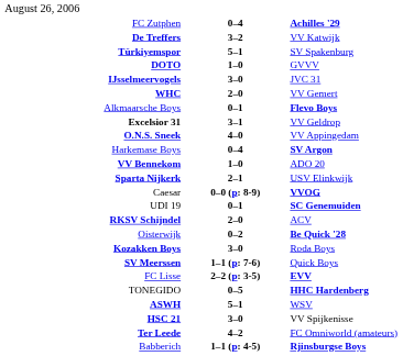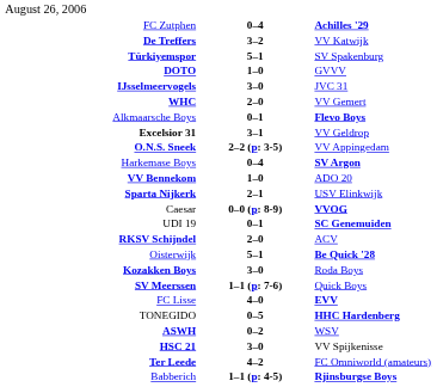 <table width=100% cellspacing=1>
 <tr>
 <th width=20%></th>
 <th width=12%></th>
 <th width=20%></th>
 <th></th>
 </tr>
 <tr>
 <td>August 26, 2006</td>
 </tr>
 <tr style=font-size:90%>
 <td align=right><a href='#'>FC Zutphen</a></td>
 <td align=center><strong>0–4</strong></td>
 <td><strong><a href='#'>Achilles '29</a></strong></td>
 </tr>
 <tr style=font-size:90%>
 <td align=right><strong><a href='#'>De Treffers</a></strong></td>
 <td align=center><strong>3–2</strong></td>
 <td><a href='#'>VV Katwijk</a></td>
 </tr>
 <tr style=font-size:90%>
 <td align=right><strong><a href='#'>Türkiyemspor</a></strong></td>
 <td align=center><strong>5–1</strong></td>
 <td><a href='#'>SV Spakenburg</a></td>
 </tr>
 <tr style=font-size:90%>
 <td align=right><strong><a href='#'>DOTO</a></strong></td>
 <td align=center><strong>1–0</strong></td>
 <td><a href='#'>GVVV</a></td>
 </tr>
 <tr style=font-size:90%>
 <td align=right><strong><a href='#'>IJsselmeervogels</a></strong></td>
 <td align=center><strong>3–0</strong></td>
 <td><a href='#'>JVC 31</a></td>
 </tr>
 <tr style=font-size:90%>
 <td align=right><strong><a href='#'>WHC</a></strong></td>
 <td align=center><strong>2–0</strong></td>
 <td><a href='#'>VV Gemert</a></td>
 </tr>
 <tr style=font-size:90%>
 <td align=right><a href='#'>Alkmaarsche Boys</a></td>
 <td align=center><strong>0–1</strong></td>
 <td><strong><a href='#'>Flevo Boys</a></strong></td>
 </tr>
 <tr style=font-size:90%>
 <td align=right><strong>Excelsior 31</strong></td>
 <td align=center><strong>3–1</strong></td>
 <td><a href='#'>VV Geldrop</a></td>
 </tr>
 <tr style=font-size:90%>
 <td align=right><strong><a href='#'>O.N.S. Sneek</a></strong></td>
-<td align=center><strong>4–0</strong></td>
+<td align=center><strong>2–2 (<a href='#'>p</a>: 3-5)</strong></td>
 <td><a href='#'>VV Appingedam</a></td>
 </tr>
 <tr style=font-size:90%>
 <td align=right><a href='#'>Harkemase Boys</a></td>
 <td align=center><strong>0–4</strong></td>
 <td><strong><a href='#'>SV Argon</a></strong></td>
 </tr>
 <tr style=font-size:90%>
 <td align=right><strong><a href='#'>VV Bennekom</a></strong></td>
 <td align=center><strong>1–0</strong></td>
 <td><a href='#'>ADO 20</a></td>
 </tr>
 <tr style=font-size:90%>
 <td align=right><strong><a href='#'>Sparta Nijkerk</a></strong></td>
 <td align=center><strong>2–1</strong></td>
 <td><a href='#'>USV Elinkwijk</a></td>
 </tr>
 <tr style=font-size:90%>
 <td align=right>Caesar</td>
 <td align=center><strong>0–0 (<a href='#'>p</a>: 8-9)</strong></td>
 <td><strong><a href='#'>VVOG</a></strong></td>
 </tr>
 <tr style=font-size:90%>
 <td align=right>UDI 19</td>
 <td align=center><strong>0–1</strong></td>
 <td><strong><a href='#'>SC Genemuiden</a></strong></td>
 </tr>
 <tr style=font-size:90%>
 <td align=right><strong><a href='#'>RKSV Schijndel</a></strong></td>
 <td align=center><strong>2–0</strong></td>
 <td><a href='#'>ACV</a></td>
 </tr>
 <tr style=font-size:90%>
 <td align=right><a href='#'>Oisterwijk</a></td>
-<td align=center><strong>0–2</strong></td>
+<td align=center><strong>5–1</strong></td>
 <td><strong><a href='#'>Be Quick '28</a></strong></td>
 </tr>
 <tr style=font-size:90%>
 <td align=right><strong><a href='#'>Kozakken Boys</a></strong></td>
 <td align=center><strong>3–0</strong></td>
 <td><a href='#'>Roda Boys</a></td>
 </tr>
 <tr style=font-size:90%>
 <td align=right><strong><a href='#'>SV Meerssen</a></strong></td>
 <td align=center><strong>1–1 (<a href='#'>p</a>: 7-6)</strong></td>
 <td><a href='#'>Quick Boys</a></td>
 </tr>
 <tr style=font-size:90%>
 <td align=right><a href='#'>FC Lisse</a></td>
-<td align=center><strong>2–2 (<a href='#'>p</a>: 3-5)</strong></td>
+<td align=center><strong>4–0</strong></td>
 <td><strong><a href='#'>EVV</a></strong></td>
 </tr>
 <tr style=font-size:90%>
 <td align=right>TONEGIDO</td>
 <td align=center><strong>0–5</strong></td>
 <td><strong><a href='#'>HHC Hardenberg</a></strong></td>
 </tr>
 <tr style=font-size:90%>
 <td align=right><strong><a href='#'>ASWH</a></strong></td>
-<td align=center><strong>5–1</strong></td>
+<td align=center><strong>0–2</strong></td>
 <td><a href='#'>WSV</a></td>
 </tr>
 <tr style=font-size:90%>
 <td align=right><strong><a href='#'>HSC 21</a></strong></td>
 <td align=center><strong>3–0</strong></td>
 <td>VV Spijkenisse</td>
 </tr>
 <tr style=font-size:90%>
 <td align=right><strong><a href='#'>Ter Leede</a></strong></td>
 <td align=center><strong>4–2</strong></td>
 <td><a href='#'>FC Omniworld (amateurs)</a></td>
 </tr>
 <tr style=font-size:90%>
 <td align=right><a href='#'>Babberich</a></td>
 <td align=center><strong>1–1 (<a href='#'>p</a>: 4-5)</strong></td>
 <td><strong><a href='#'>Rjinsburgse Boys</a></strong></td>
 </tr>
 </table>
